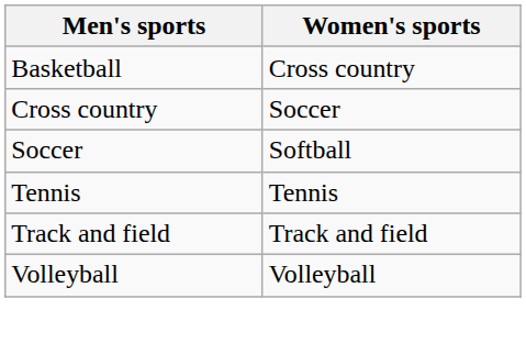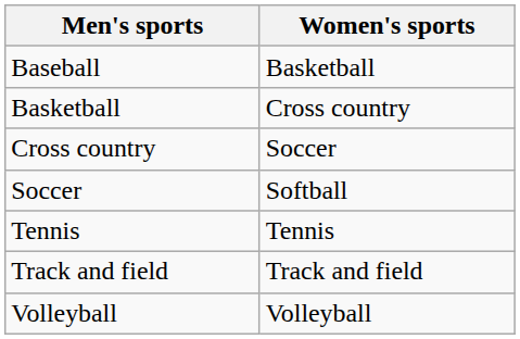 <table class="wikitable"; style= "text-align: ">
 <tr>
 <th width=150px>Men's sports</th>
 <th width=150px>Women's sports</th>
+</tr>
+<tr>
+<td>Baseball</td>
+<td>Basketball</td>
 </tr>
 <tr>
 <td>Basketball</td>
 <td>Cross country</td>
 </tr>
 <tr>
 <td>Cross country</td>
 <td>Soccer</td>
 </tr>
 <tr>
 <td>Soccer</td>
 <td>Softball</td>
 </tr>
 <tr>
 <td>Tennis</td>
 <td>Tennis</td>
 </tr>
 <tr>
 <td>Track and field</td>
 <td>Track and field</td>
 </tr>
 <tr>
 <td>Volleyball</td>
 <td>Volleyball</td>
 </tr>
 </table>
